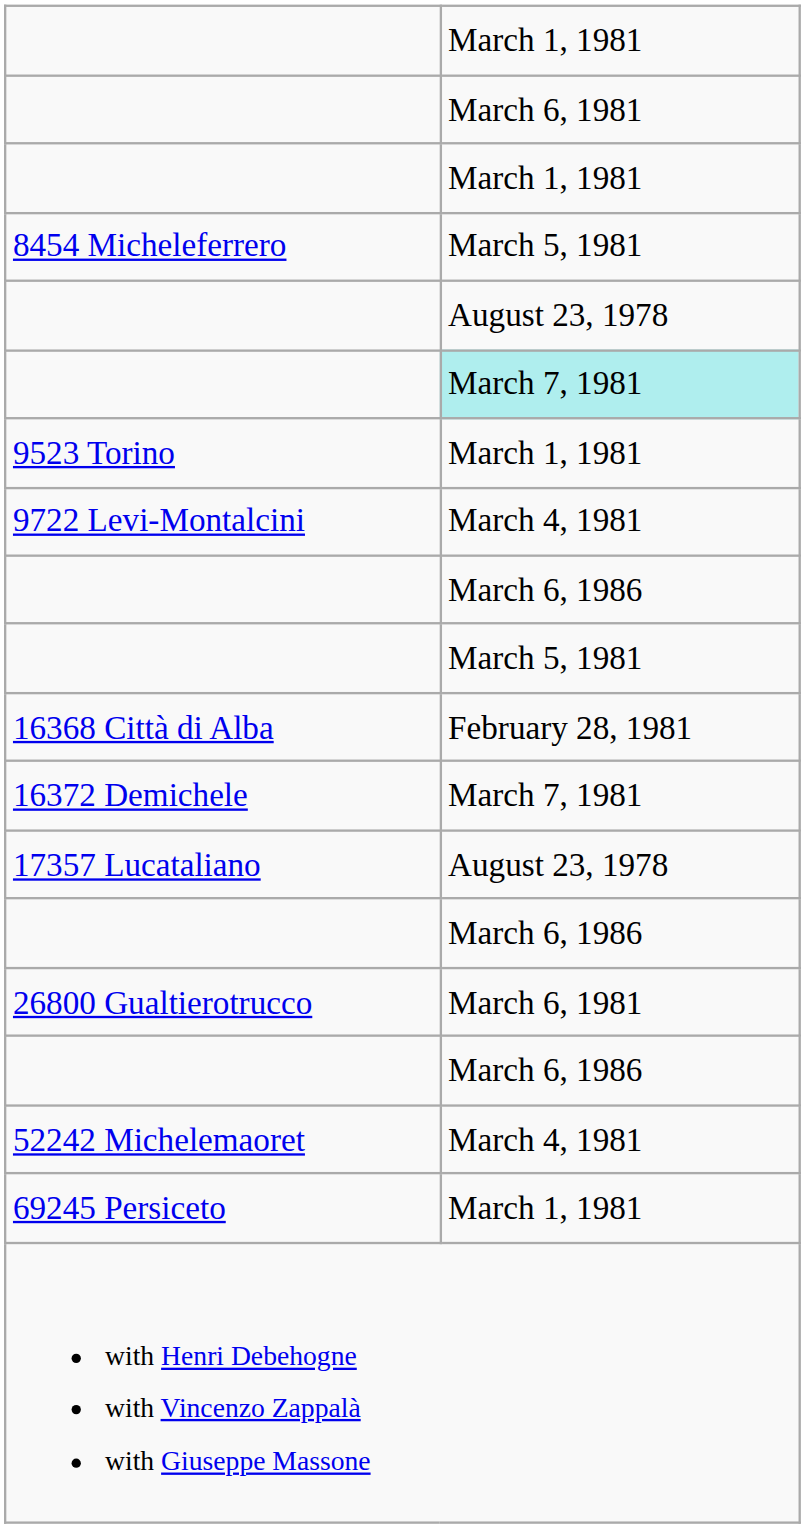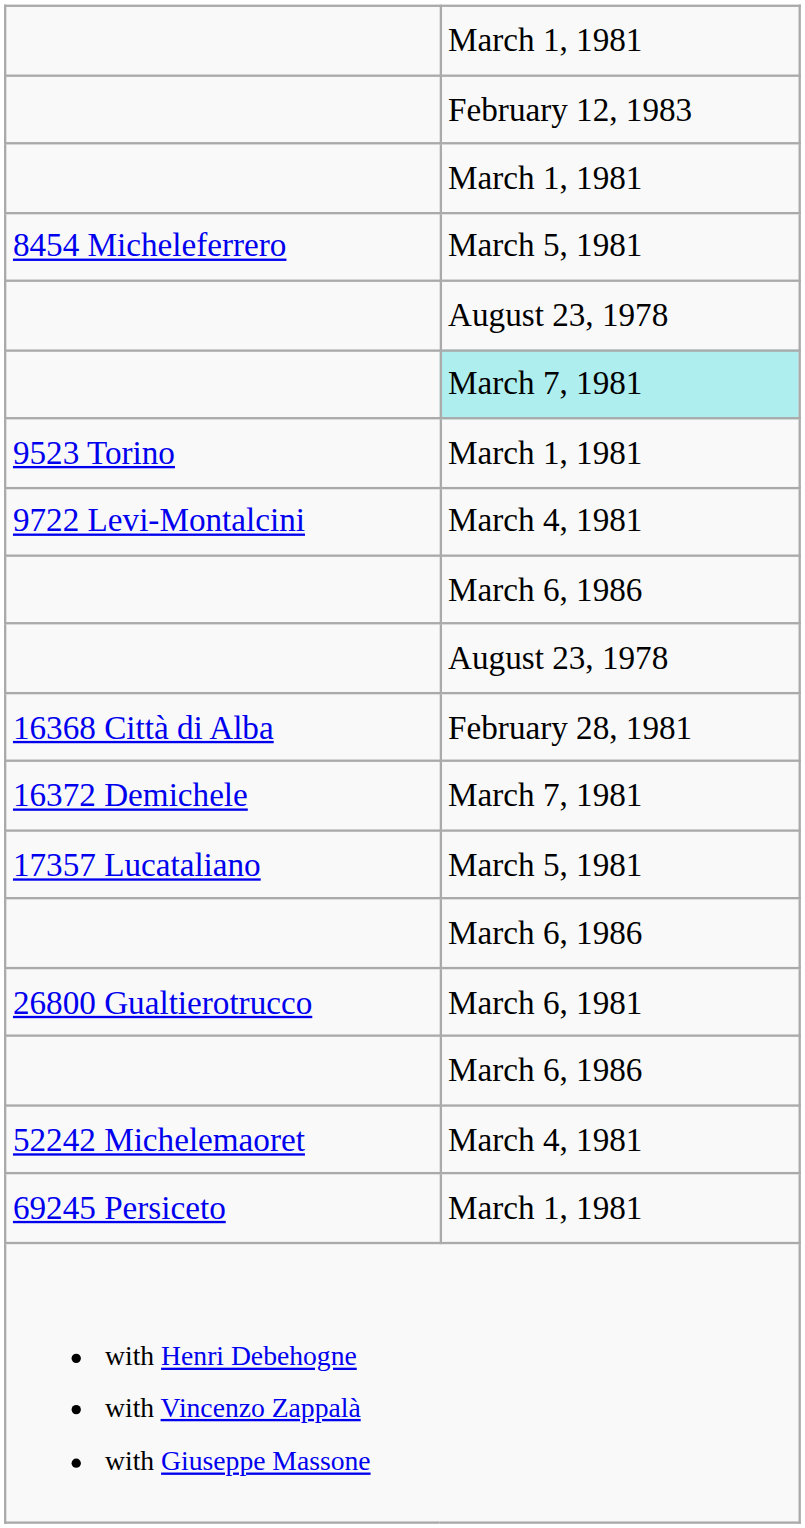 <table class="wikitable" style="font-size: 89%; float: left; width: 24em; margin-right: 1em; line-height: 1.6em !important;">
 <tr>
 <td></td>
 <td>March 1, 1981</td>
 </tr>
 <tr>
 <td></td>
-<td>March 6, 1981</td>
+<td>February 12, 1983</td>
 </tr>
 <tr>
 <td></td>
 <td>March 1, 1981</td>
 </tr>
 <tr>
 <td><a href='#'>8454 Micheleferrero</a></td>
 <td>March 5, 1981</td>
 </tr>
 <tr>
 <td></td>
 <td>August 23, 1978</td>
 </tr>
 <tr>
 <td></td>
 <td style="background: paleturquoise;">March 7, 1981</td>
 </tr>
 <tr>
 <td><a href='#'>9523 Torino</a></td>
 <td>March 1, 1981</td>
 </tr>
 <tr>
 <td><a href='#'>9722 Levi-Montalcini</a></td>
 <td>March 4, 1981</td>
 </tr>
 <tr>
 <td></td>
 <td>March 6, 1986</td>
 </tr>
 <tr>
 <td></td>
-<td>March 5, 1981</td>
+<td>August 23, 1978</td>
 </tr>
 <tr>
 <td><a href='#'>16368 Città di Alba</a></td>
 <td>February 28, 1981</td>
 </tr>
 <tr>
 <td><a href='#'>16372 Demichele</a></td>
 <td>March 7, 1981</td>
 </tr>
 <tr>
 <td><a href='#'>17357 Lucataliano</a></td>
-<td>August 23, 1978</td>
+<td>March 5, 1981</td>
 </tr>
 <tr>
 <td></td>
 <td>March 6, 1986</td>
 </tr>
 <tr>
 <td><a href='#'>26800 Gualtierotrucco</a></td>
 <td>March 6, 1981</td>
 </tr>
 <tr>
 <td></td>
 <td>March 6, 1986</td>
 </tr>
 <tr>
 <td><a href='#'>52242 Michelemaoret</a></td>
 <td>March 4, 1981</td>
 </tr>
 <tr>
 <td><a href='#'>69245 Persiceto</a></td>
 <td>March 1, 1981</td>
 </tr>
 <tr>
 <td colspan="2" style="font-size: smaller;"><br><ul><li> with <a href='#'>Henri Debehogne</a></li><li> with <a href='#'>Vincenzo Zappalà</a></li><li> with <a href='#'>Giuseppe Massone</a></li></ul></td>
 </tr>
 </table>
